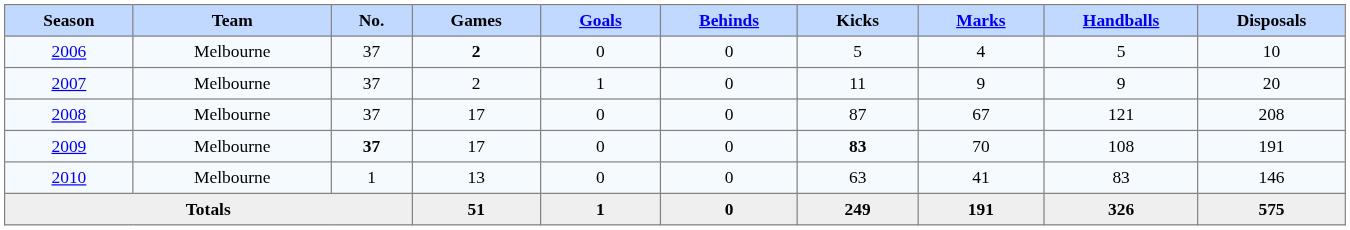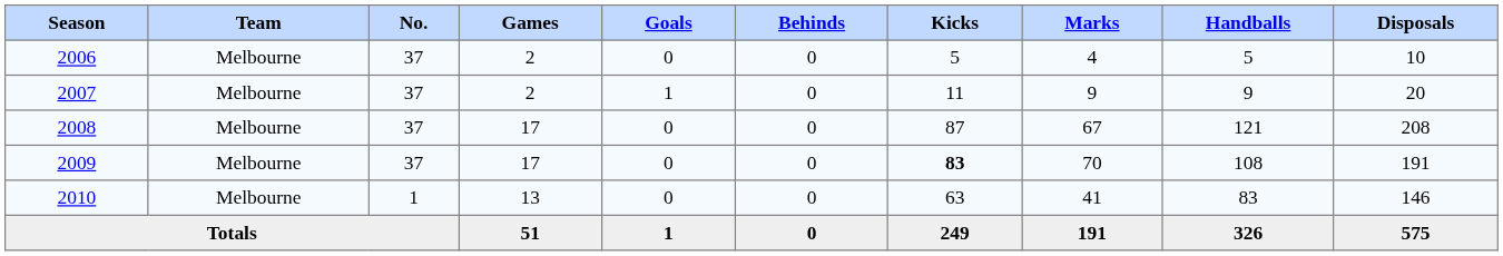 <table border="1" cellpadding="4" cellspacing="0" style="text-align:center; font-size:90%; border-collapse:collapse;" width=70%>
 <tr style="background:#C1D8FF;">
 <th width=3%>Season</th>
 <th width=5%>Team</th>
 <th width=2%>No.</th>
 <th width=3%>Games</th>
 <th width=3%><a href='#'>Goals</a></th>
 <th width=3%><a href='#'>Behinds</a></th>
 <th width=3%>Kicks</th>
 <th width=3%><a href='#'>Marks</a></th>
 <th width=3%><a href='#'>Handballs</a></th>
 <th width=3%>Disposals</th>
 </tr>
 <tr style="background:#F5FAFF;">
 <td><a href='#'>2006</a></td>
 <td>Melbourne</td>
 <td>37</td>
-<td><strong>2</strong></td>
+<td>2</td>
 <td>0</td>
 <td>0</td>
 <td>5</td>
 <td>4</td>
 <td>5</td>
 <td>10</td>
 </tr>
 <tr style="background:#F5FAFF;">
 <td><a href='#'>2007</a></td>
 <td>Melbourne</td>
 <td>37</td>
 <td>2</td>
 <td>1</td>
 <td>0</td>
 <td>11</td>
 <td>9</td>
 <td>9</td>
 <td>20</td>
 </tr>
 <tr style="background:#F5FAFF;">
 <td><a href='#'>2008</a></td>
 <td>Melbourne</td>
 <td>37</td>
 <td>17</td>
 <td>0</td>
 <td>0</td>
 <td>87</td>
 <td>67</td>
 <td>121</td>
 <td>208</td>
 </tr>
 <tr style="background:#F5FAFF;">
 <td><a href='#'>2009</a></td>
 <td>Melbourne</td>
-<td><strong>37</strong></td>
+<td>37</td>
 <td>17</td>
 <td>0</td>
 <td>0</td>
 <td><strong>83</strong></td>
 <td>70</td>
 <td>108</td>
 <td>191</td>
 </tr>
 <tr style="background:#F5FAFF;">
 <td><a href='#'>2010</a></td>
 <td>Melbourne</td>
 <td>1</td>
 <td>13</td>
 <td>0</td>
 <td>0</td>
 <td>63</td>
 <td>41</td>
 <td>83</td>
 <td>146</td>
 </tr>
 <tr style="background:#EFEFEF;">
 <th colspan=3>Totals</th>
 <td><strong>51</strong></td>
 <td><strong>1</strong></td>
 <td><strong>0</strong></td>
 <td><strong>249</strong></td>
 <td><strong>191</strong></td>
 <td><strong>326</strong></td>
 <td><strong>575</strong></td>
 </tr>
 </table>
